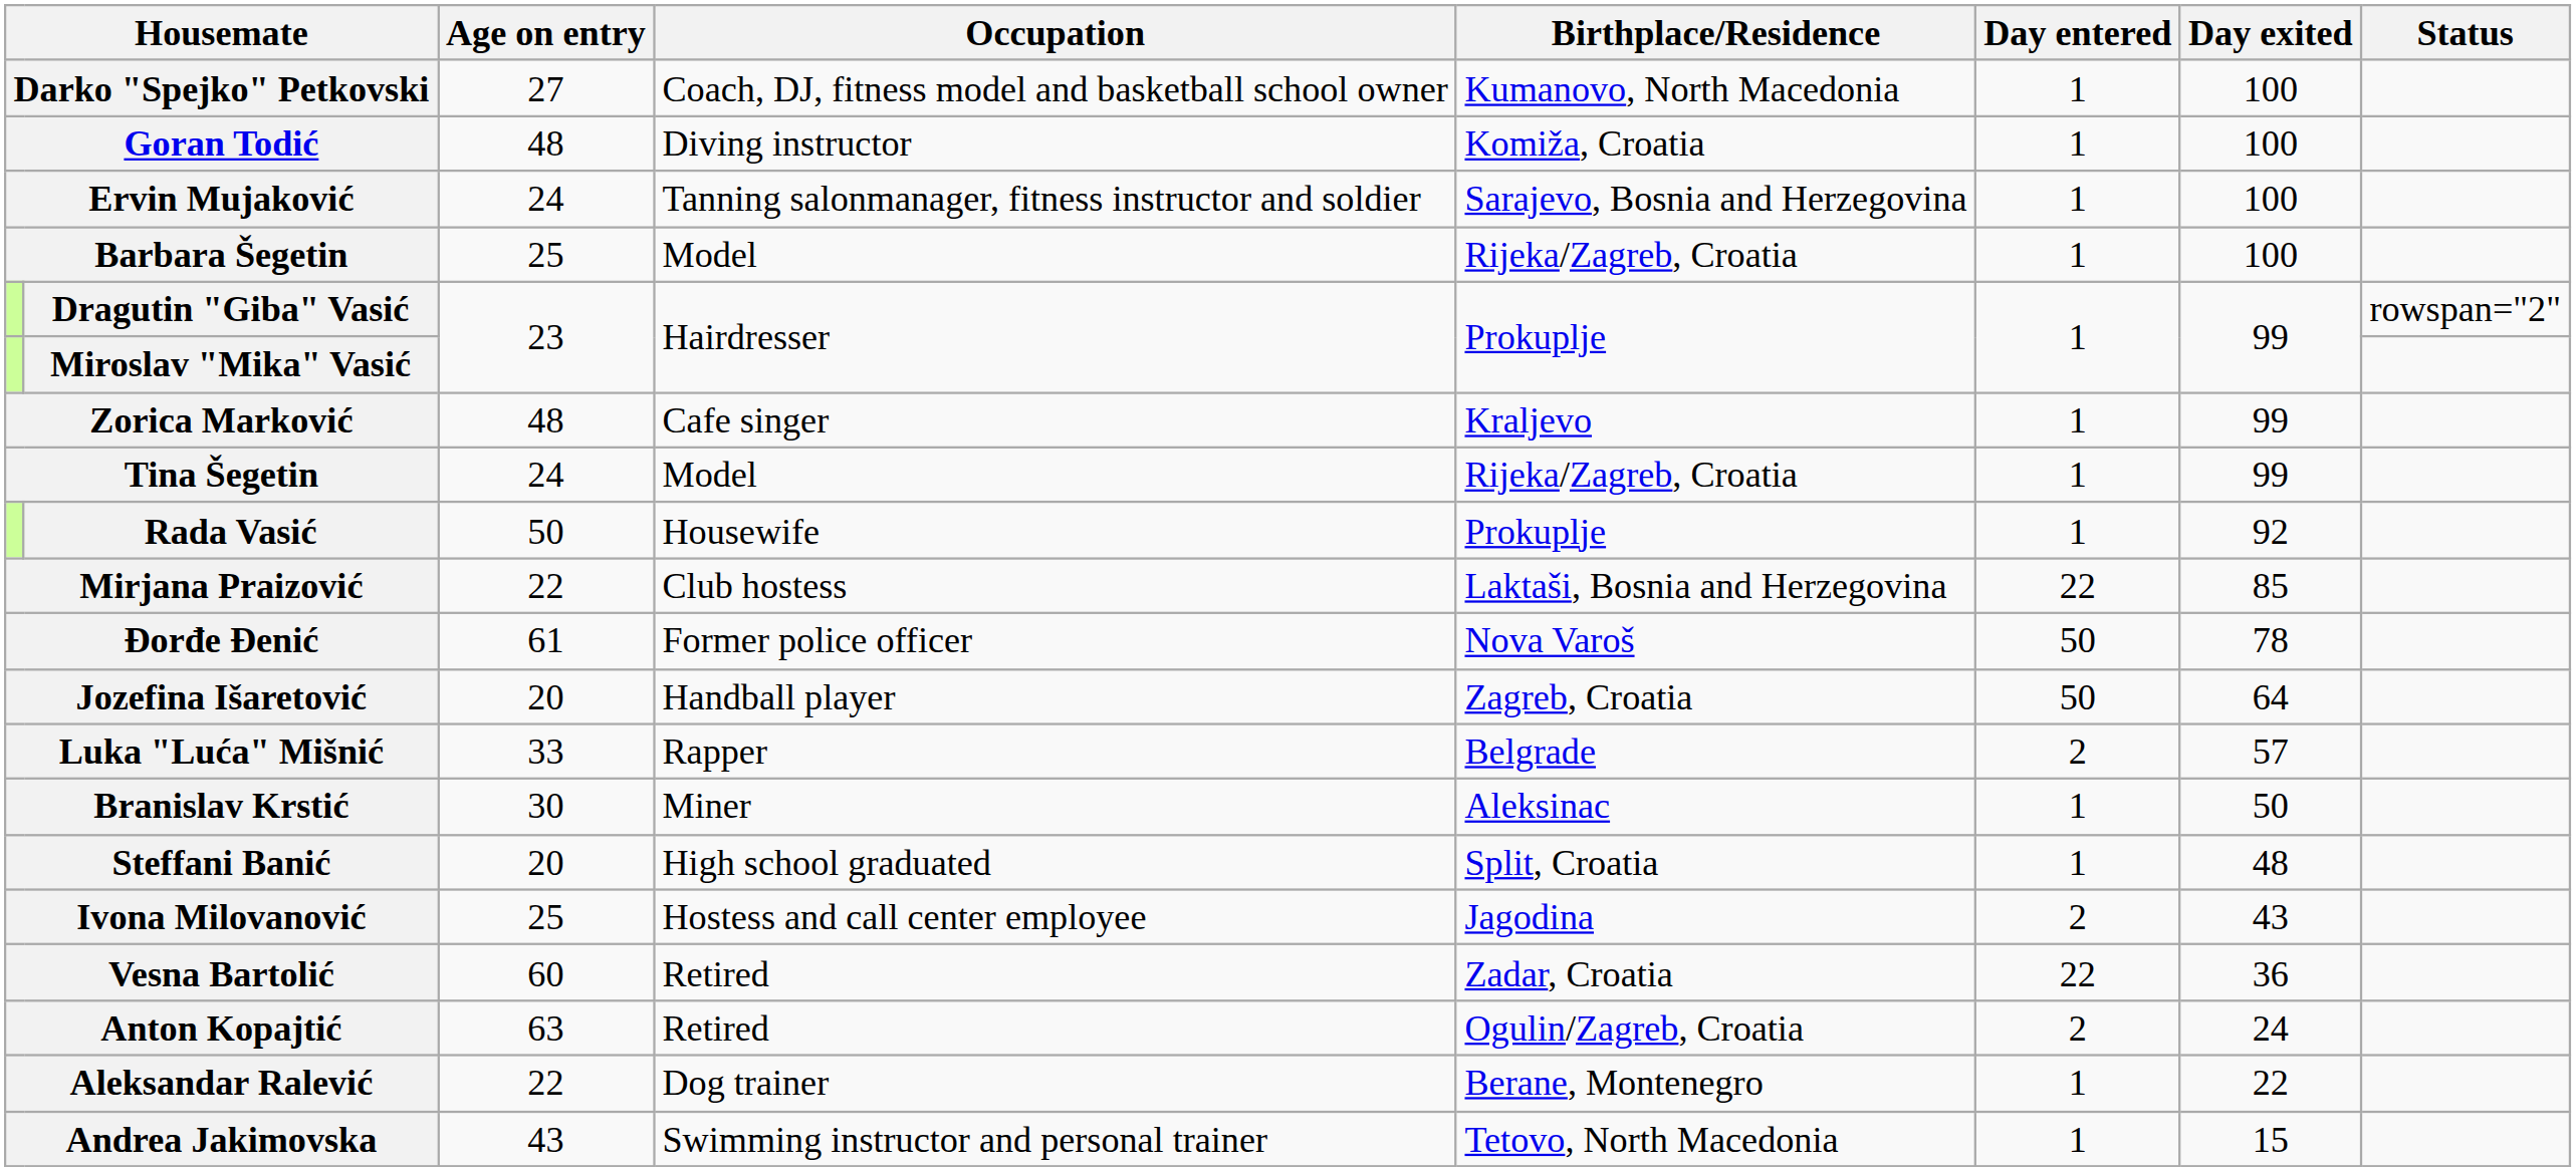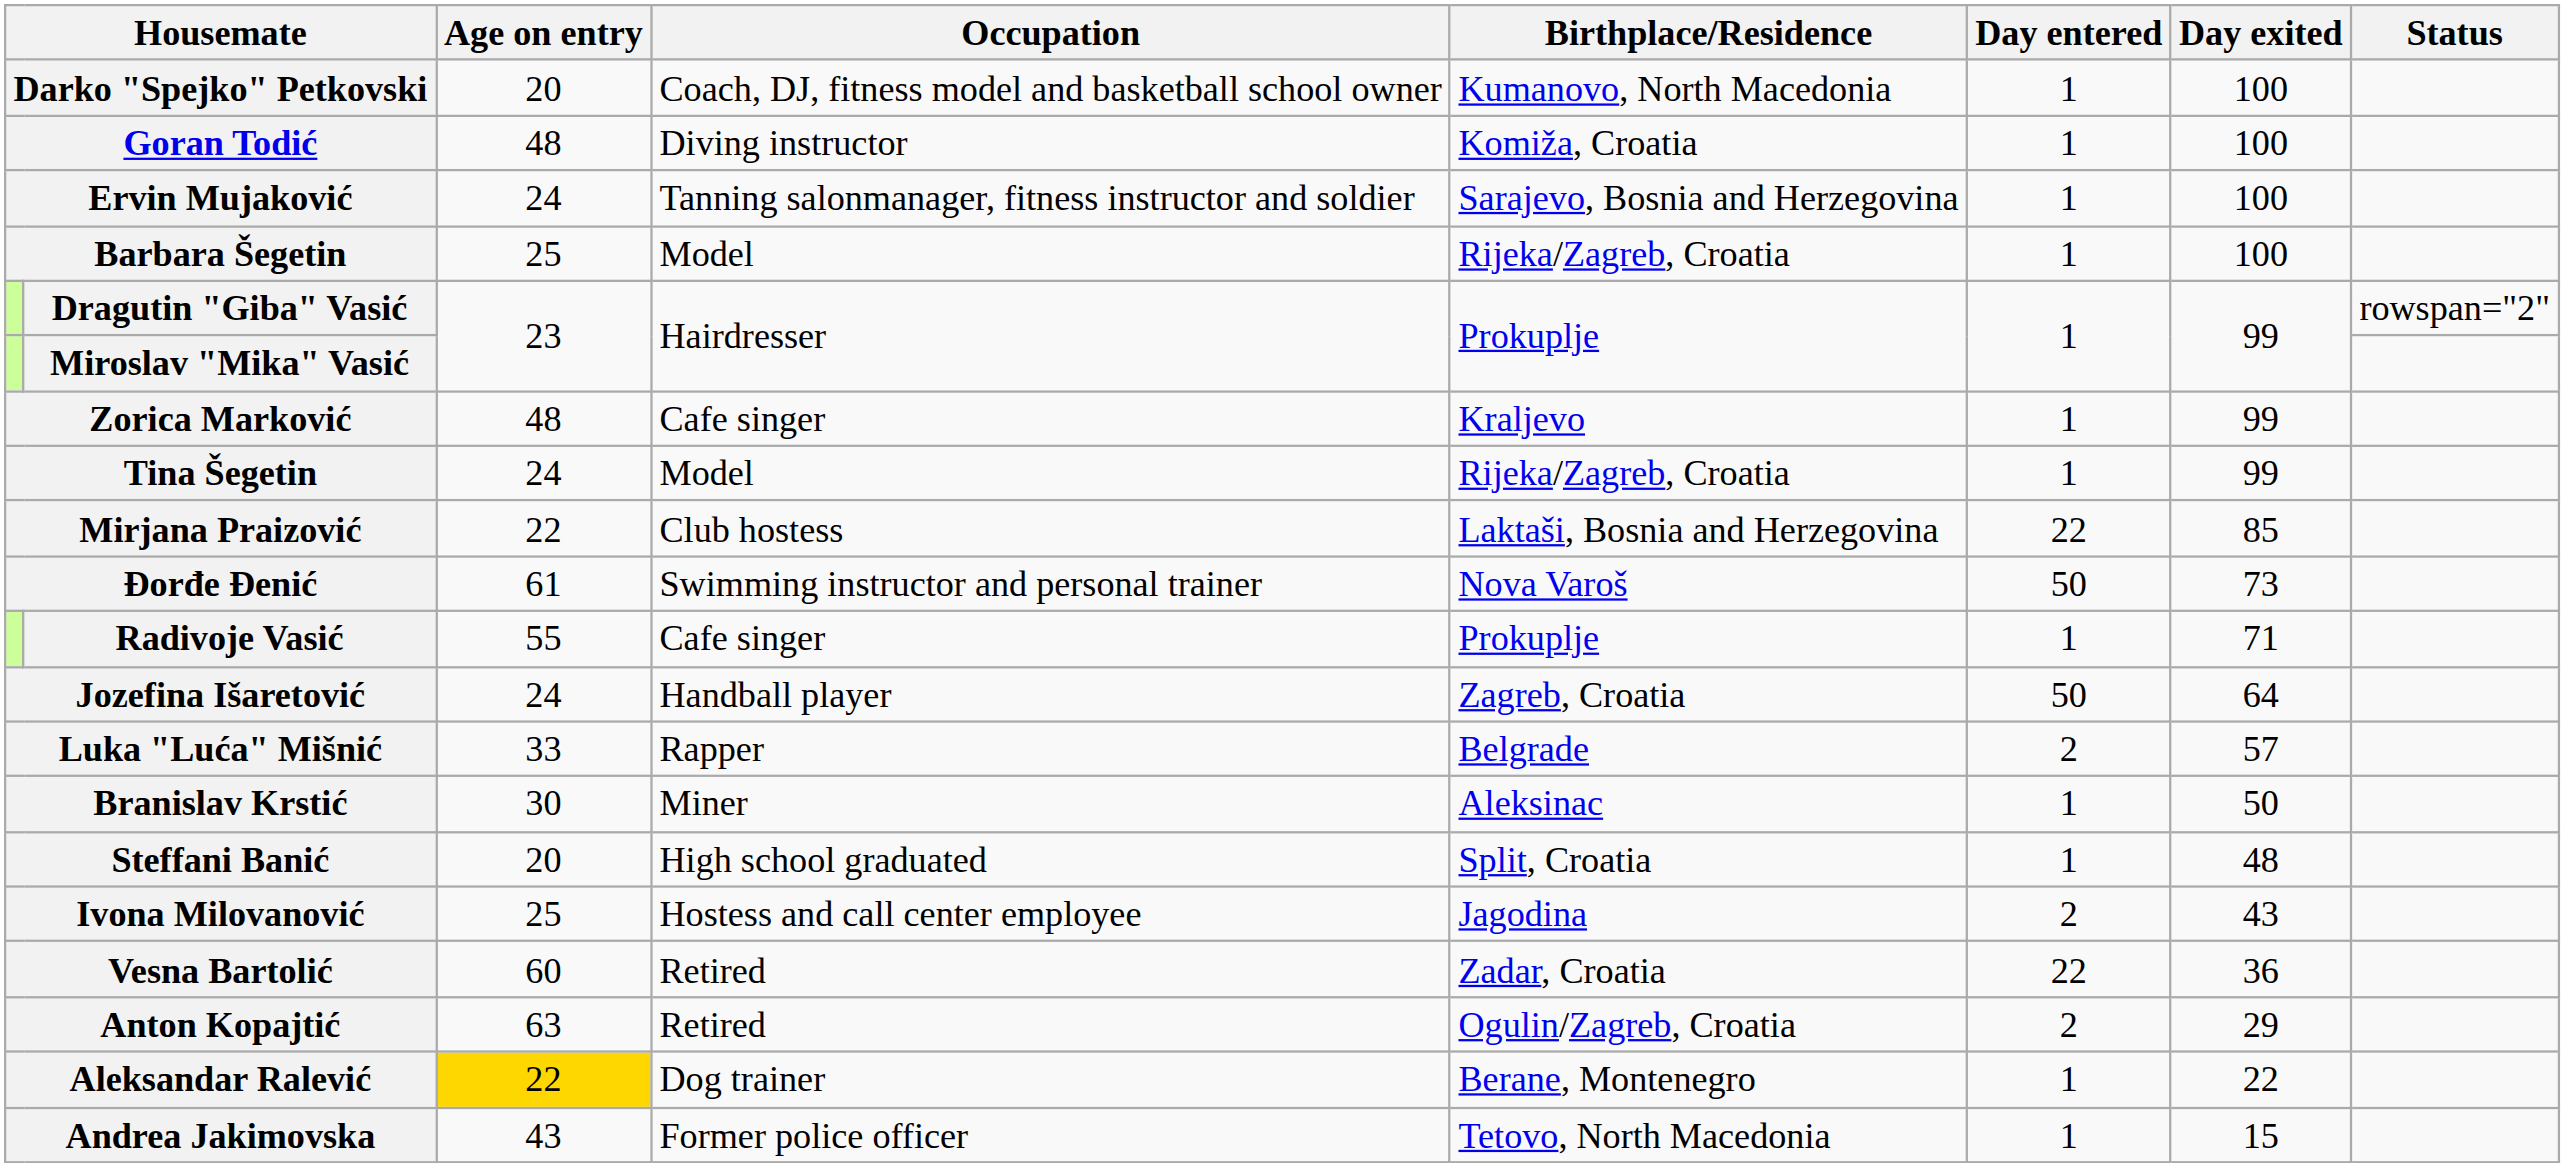 <table class="wikitable sortable" style="text-align:center; line-height:17px; width:auto;">
 <tr>
 <th colspan="2">Housemate</th>
 <th>Age on entry</th>
 <th>Occupation</th>
 <th>Birthplace/Residence</th>
 <th>Day entered</th>
 <th>Day exited</th>
 <th>Status</th>
 </tr>
 <tr>
 <th colspan="2">Darko "Spejko" Petkovski</th>
-<td>27</td>
+<td>20</td>
 <td align="left">Coach, DJ, fitness model and basketball school owner</td>
 <td align="left"><a href='#'>Kumanovo</a>, North Macedonia</td>
 <td>1</td>
 <td>100</td>
 <td></td>
 </tr>
 <tr>
 <th colspan="2"><a href='#'>Goran Todić</a></th>
 <td>48</td>
 <td align="left">Diving instructor</td>
 <td align="left"><a href='#'>Komiža</a>, Croatia</td>
 <td>1</td>
 <td>100</td>
 <td></td>
 </tr>
 <tr>
 <th colspan="2">Ervin Mujaković</th>
 <td>24</td>
 <td align="left">Tanning salonmanager, fitness instructor and soldier</td>
 <td align="left"><a href='#'>Sarajevo</a>, Bosnia and Herzegovina</td>
 <td>1</td>
 <td>100</td>
 <td></td>
 </tr>
 <tr>
 <th colspan="2">Barbara Šegetin</th>
 <td>25</td>
 <td align="left">Model</td>
 <td align="left"><a href='#'>Rijeka</a>/<a href='#'>Zagreb</a>, Croatia</td>
 <td>1</td>
 <td>100</td>
 <td></td>
 </tr>
 <tr>
 <th style="background:#cf9;"></th>
 <th>Dragutin "Giba" Vasić</th>
 <td rowspan="2">23</td>
 <td rowspan="2" align="left">Hairdresser</td>
 <td rowspan="2" align="left"><a href='#'>Prokuplje</a></td>
 <td rowspan="2">1</td>
 <td rowspan="2">99</td>
 <td>rowspan="2" </td>
 </tr>
 <tr>
 <th style="background:#cf9;"></th>
 <th>Miroslav "Mika" Vasić</th>
 </tr>
 <tr>
 <th colspan="2">Zorica Marković</th>
 <td>48</td>
 <td align="left">Cafe singer</td>
 <td align="left"><a href='#'>Kraljevo</a></td>
 <td>1</td>
 <td>99</td>
 <td></td>
 </tr>
 <tr>
 <th colspan="2">Tina Šegetin</th>
 <td>24</td>
 <td align="left">Model</td>
 <td align="left"><a href='#'>Rijeka</a>/<a href='#'>Zagreb</a>, Croatia</td>
 <td>1</td>
 <td>99</td>
 <td></td>
 </tr>
 <tr>
-<th style="background:#cf9;"></th>
-<th>Rada Vasić</th>
-<td>50</td>
-<td align="left">Housewife</td>
-<td align="left"><a href='#'>Prokuplje</a></td>
-<td>1</td>
-<td>92</td>
-<td></td>
-</tr>
-<tr>
 <th colspan="2">Mirjana Praizović</th>
 <td>22</td>
 <td align="left">Club hostess</td>
 <td align="left"><a href='#'>Laktaši</a>, Bosnia and Herzegovina</td>
 <td>22</td>
 <td>85</td>
 <td></td>
 </tr>
 <tr>
 <th colspan="2">Đorđe Đenić</th>
 <td>61</td>
-<td align="left">Former police officer</td>
+<td align="left">Swimming instructor and personal trainer</td>
 <td align="left"><a href='#'>Nova Varoš</a></td>
 <td>50</td>
-<td>78</td>
+<td>73</td>
+<td></td>
+</tr>
+<tr>
+<th style="background:#cf9;"></th>
+<th>Radivoje Vasić</th>
+<td>55</td>
+<td align="left">Cafe singer</td>
+<td align="left"><a href='#'>Prokuplje</a></td>
+<td>1</td>
+<td>71</td>
 <td></td>
 </tr>
 <tr>
 <th colspan="2">Jozefina Išaretović</th>
-<td>20</td>
+<td>24</td>
 <td align="left">Handball player</td>
 <td align="left"><a href='#'>Zagreb</a>, Croatia</td>
 <td>50</td>
 <td>64</td>
 <td></td>
 </tr>
 <tr>
 <th colspan="2">Luka "Luća" Mišnić</th>
 <td>33</td>
 <td align="left">Rapper</td>
 <td align="left"><a href='#'>Belgrade</a></td>
 <td>2</td>
 <td>57</td>
 <td></td>
 </tr>
 <tr>
 <th colspan="2">Branislav Krstić</th>
 <td>30</td>
 <td align="left">Miner</td>
 <td align="left"><a href='#'>Aleksinac</a></td>
 <td>1</td>
 <td>50</td>
 <td></td>
 </tr>
 <tr>
 <th colspan="2">Steffani Banić</th>
 <td>20</td>
 <td align="left">High school graduated</td>
 <td align="left"><a href='#'>Split</a>, Croatia</td>
 <td>1</td>
 <td>48</td>
 <td></td>
 </tr>
 <tr>
 <th colspan="2">Ivona Milovanović</th>
 <td>25</td>
 <td align="left">Hostess and call center employee</td>
 <td align="left"><a href='#'>Jagodina</a></td>
 <td>2</td>
 <td>43</td>
 <td></td>
 </tr>
 <tr>
 <th colspan="2">Vesna Bartolić</th>
 <td>60</td>
 <td align="left">Retired</td>
 <td align="left"><a href='#'>Zadar</a>, Croatia</td>
 <td>22</td>
 <td>36</td>
 <td></td>
 </tr>
 <tr>
 <th colspan="2">Anton Kopajtić</th>
 <td>63</td>
 <td align="left">Retired</td>
 <td align="left"><a href='#'>Ogulin</a>/<a href='#'>Zagreb</a>, Croatia</td>
 <td>2</td>
-<td>24</td>
+<td>29</td>
 <td></td>
 </tr>
 <tr>
 <th colspan="2">Aleksandar Ralević</th>
-<td>22</td>
+<td style="background: gold;">22</td>
 <td align="left">Dog trainer</td>
 <td align="left"><a href='#'>Berane</a>, Montenegro</td>
 <td>1</td>
 <td>22</td>
 <td></td>
 </tr>
 <tr>
 <th colspan="2">Andrea Jakimovska</th>
 <td>43</td>
-<td align="left">Swimming instructor and personal trainer</td>
+<td align="left">Former police officer</td>
 <td align="left"><a href='#'>Tetovo</a>, North Macedonia</td>
 <td>1</td>
 <td>15</td>
 <td></td>
 </tr>
 </table>
